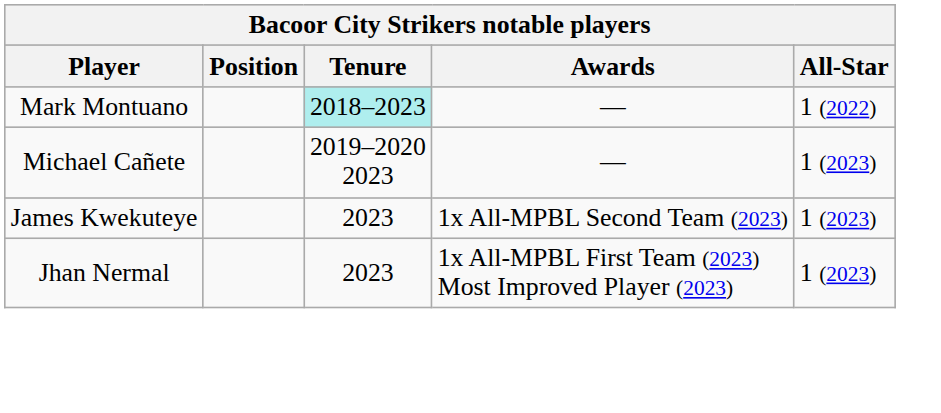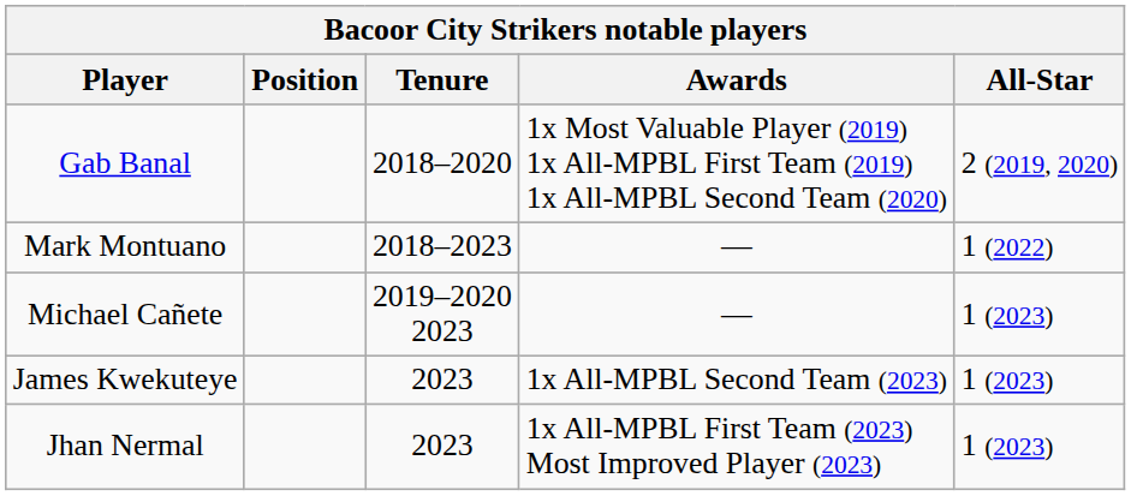 <table class="wikitable sortable" style="text-align:center">
 <tr>
 <th colspan="5">Bacoor City Strikers notable players</th>
 </tr>
 <tr>
 <th>Player</th>
 <th>Position</th>
 <th>Tenure</th>
 <th>Awards</th>
 <th>All-Star</th>
 </tr>
 <tr>
+<td><a href='#'>Gab Banal</a></td>
+<td></td>
+<td>2018–2020</td>
+<td align=left>1x Most Valuable Player <small>(<a href='#'>2019</a>)</small> <br> 1x All-MPBL First Team <small>(<a href='#'>2019</a>)</small> <br> 1x All-MPBL Second Team <small>(<a href='#'>2020</a>)</small></td>
+<td align=left>2 <small>(<a href='#'>2019</a>, <a href='#'>2020</a>)</small></td>
+</tr>
+<tr>
 <td>Mark Montuano</td>
 <td></td>
-<td style="background: paleturquoise;">2018–2023</td>
+<td>2018–2023</td>
 <td>—</td>
 <td align=left>1 <small>(<a href='#'>2022</a>)</small></td>
 </tr>
 <tr>
 <td>Michael Cañete</td>
 <td></td>
 <td>2019–2020 <br> 2023</td>
 <td>—</td>
 <td align=left>1 <small>(<a href='#'>2023</a>)</small></td>
 </tr>
 <tr>
 <td>James Kwekuteye</td>
 <td></td>
 <td>2023</td>
 <td align=left>1x All-MPBL Second Team <small>(<a href='#'>2023</a>)</small></td>
 <td align=left>1 <small>(<a href='#'>2023</a>)</small></td>
 </tr>
 <tr>
 <td>Jhan Nermal</td>
 <td></td>
 <td>2023</td>
 <td align=left>1x All-MPBL First Team <small>(<a href='#'>2023</a>)</small> <br> Most Improved Player <small>(<a href='#'>2023</a>)</small></td>
 <td align=left>1 <small>(<a href='#'>2023</a>)</small></td>
 </tr>
 </table>
